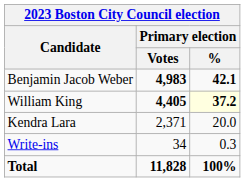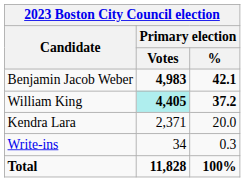 <table class=wikitable>
 <tr>
 <th colspan=5><a href='#'>2023 Boston City Council election</a></th>
 </tr>
 <tr>
 <th colspan=1 rowspan=2>Candidate</th>
 <th colspan=2><strong>Primary election</strong></th>
 </tr>
 <tr>
 <th>Votes</th>
 <th>%</th>
 </tr>
 <tr>
 <td>Benjamin Jacob Weber</td>
 <td align="right"><strong>4,983</strong></td>
 <td align="right"><strong>42.1</strong></td>
 </tr>
 <tr>
 <td>William King</td>
-<td align="right"><strong>4,405</strong></td>
-<td align="right" style="background: lightyellow;"><strong>37.2</strong></td>
+<td align="right" style="background: paleturquoise;"><strong>4,405</strong></td>
+<td align="right"><strong>37.2</strong></td>
 </tr>
 <tr>
 <td>Kendra Lara</td>
 <td align="right">2,371</td>
 <td align="right">20.0</td>
 </tr>
 <tr>
 <td><a href='#'>Write-ins</a></td>
 <td align="right">34</td>
 <td align="right">0.3</td>
 </tr>
 <tr>
 <td><strong>Total</strong></td>
 <td align="right"><strong>11,828</strong></td>
 <td align="right"><strong>100%</strong></td>
 </tr>
 </table>
